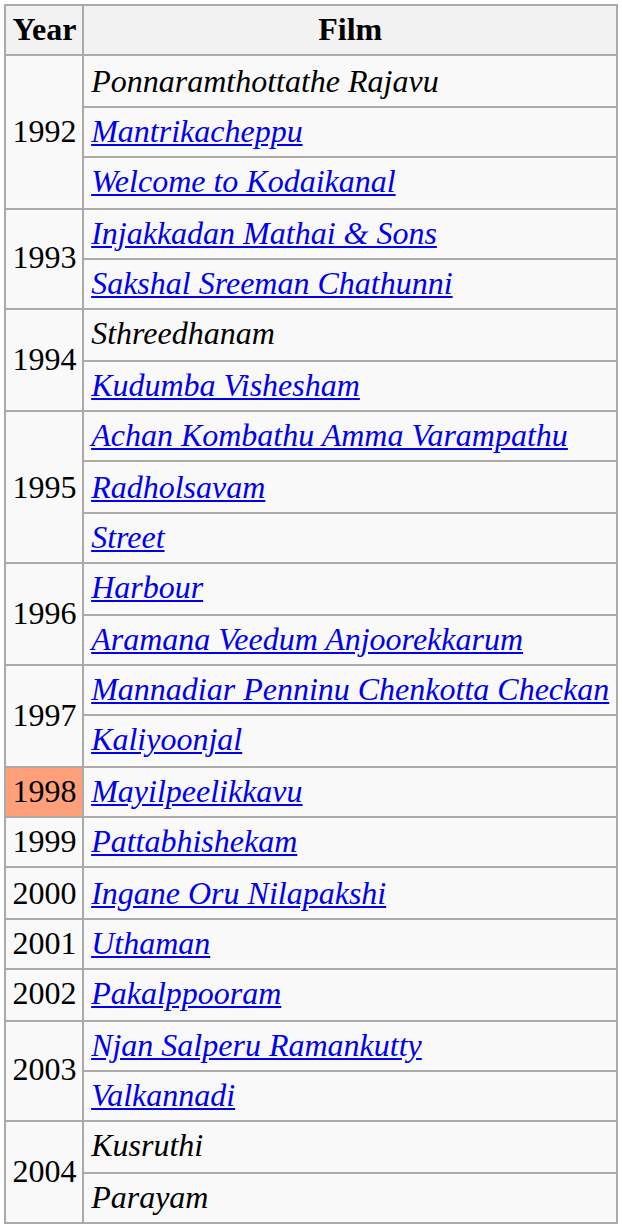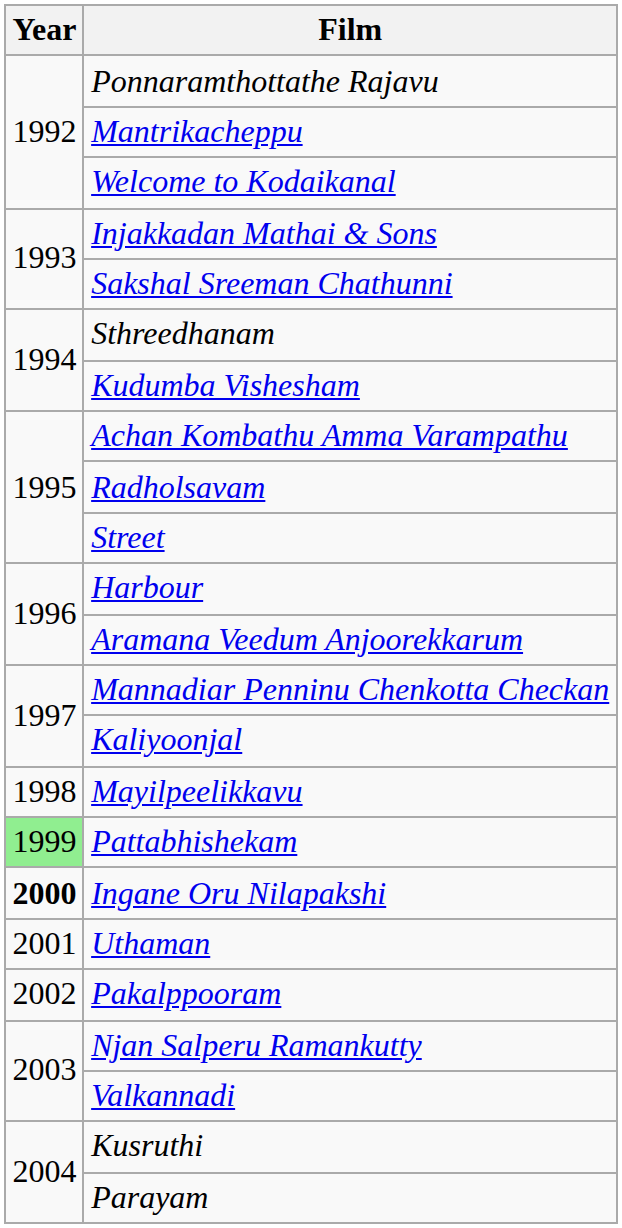 <table class="wikitable">
 <tr>
 <th>Year</th>
 <th>Film</th>
 </tr>
 <tr>
 <td rowspan=3>1992</td>
 <td><em>Ponnaramthottathe Rajavu</em></td>
 </tr>
 <tr>
 <td><em><a href='#'>Mantrikacheppu</a></em></td>
 </tr>
 <tr>
 <td><em><a href='#'>Welcome to Kodaikanal</a></em></td>
 </tr>
 <tr>
 <td rowspan=2>1993</td>
 <td><em><a href='#'>Injakkadan Mathai & Sons</a></em></td>
 </tr>
 <tr>
 <td><em><a href='#'>Sakshal Sreeman Chathunni</a></em></td>
 </tr>
 <tr>
 <td rowspan=2>1994</td>
 <td><em>Sthreedhanam</em></td>
 </tr>
 <tr>
 <td><em><a href='#'>Kudumba Vishesham</a></em></td>
 </tr>
 <tr>
 <td rowspan=3>1995</td>
 <td><em><a href='#'>Achan Kombathu Amma Varampathu</a></em></td>
 </tr>
 <tr>
 <td><em><a href='#'>Radholsavam</a></em></td>
 </tr>
 <tr>
 <td><em><a href='#'>Street</a></em></td>
 </tr>
 <tr>
 <td rowspan=2>1996</td>
 <td><em><a href='#'>Harbour</a></em></td>
 </tr>
 <tr>
 <td><em><a href='#'>Aramana Veedum Anjoorekkarum</a></em></td>
 </tr>
 <tr>
 <td rowspan=2>1997</td>
 <td><em><a href='#'>Mannadiar Penninu Chenkotta Checkan</a></em></td>
 </tr>
 <tr>
 <td><em><a href='#'>Kaliyoonjal</a></em></td>
 </tr>
 <tr>
-<td style="background: lightsalmon;">1998</td>
+<td>1998</td>
 <td><em><a href='#'>Mayilpeelikkavu</a></em></td>
 </tr>
 <tr>
-<td>1999</td>
+<td style="background: lightgreen;">1999</td>
 <td><em><a href='#'>Pattabhishekam</a></em></td>
 </tr>
 <tr>
-<td>2000</td>
+<td><strong>2000</strong></td>
 <td><em><a href='#'>Ingane Oru Nilapakshi</a></em></td>
 </tr>
 <tr>
 <td>2001</td>
 <td><em><a href='#'>Uthaman</a></em></td>
 </tr>
 <tr>
 <td>2002</td>
 <td><em><a href='#'>Pakalppooram</a></em></td>
 </tr>
 <tr>
 <td rowspan=2>2003</td>
 <td><em><a href='#'>Njan Salperu Ramankutty</a></em></td>
 </tr>
 <tr>
 <td><em><a href='#'>Valkannadi</a></em></td>
 </tr>
 <tr>
 <td rowspan="2">2004</td>
 <td><em>Kusruthi</em></td>
 </tr>
 <tr>
 <td><em>Parayam</em></td>
 </tr>
 <tr>
 </tr>
 </table>
